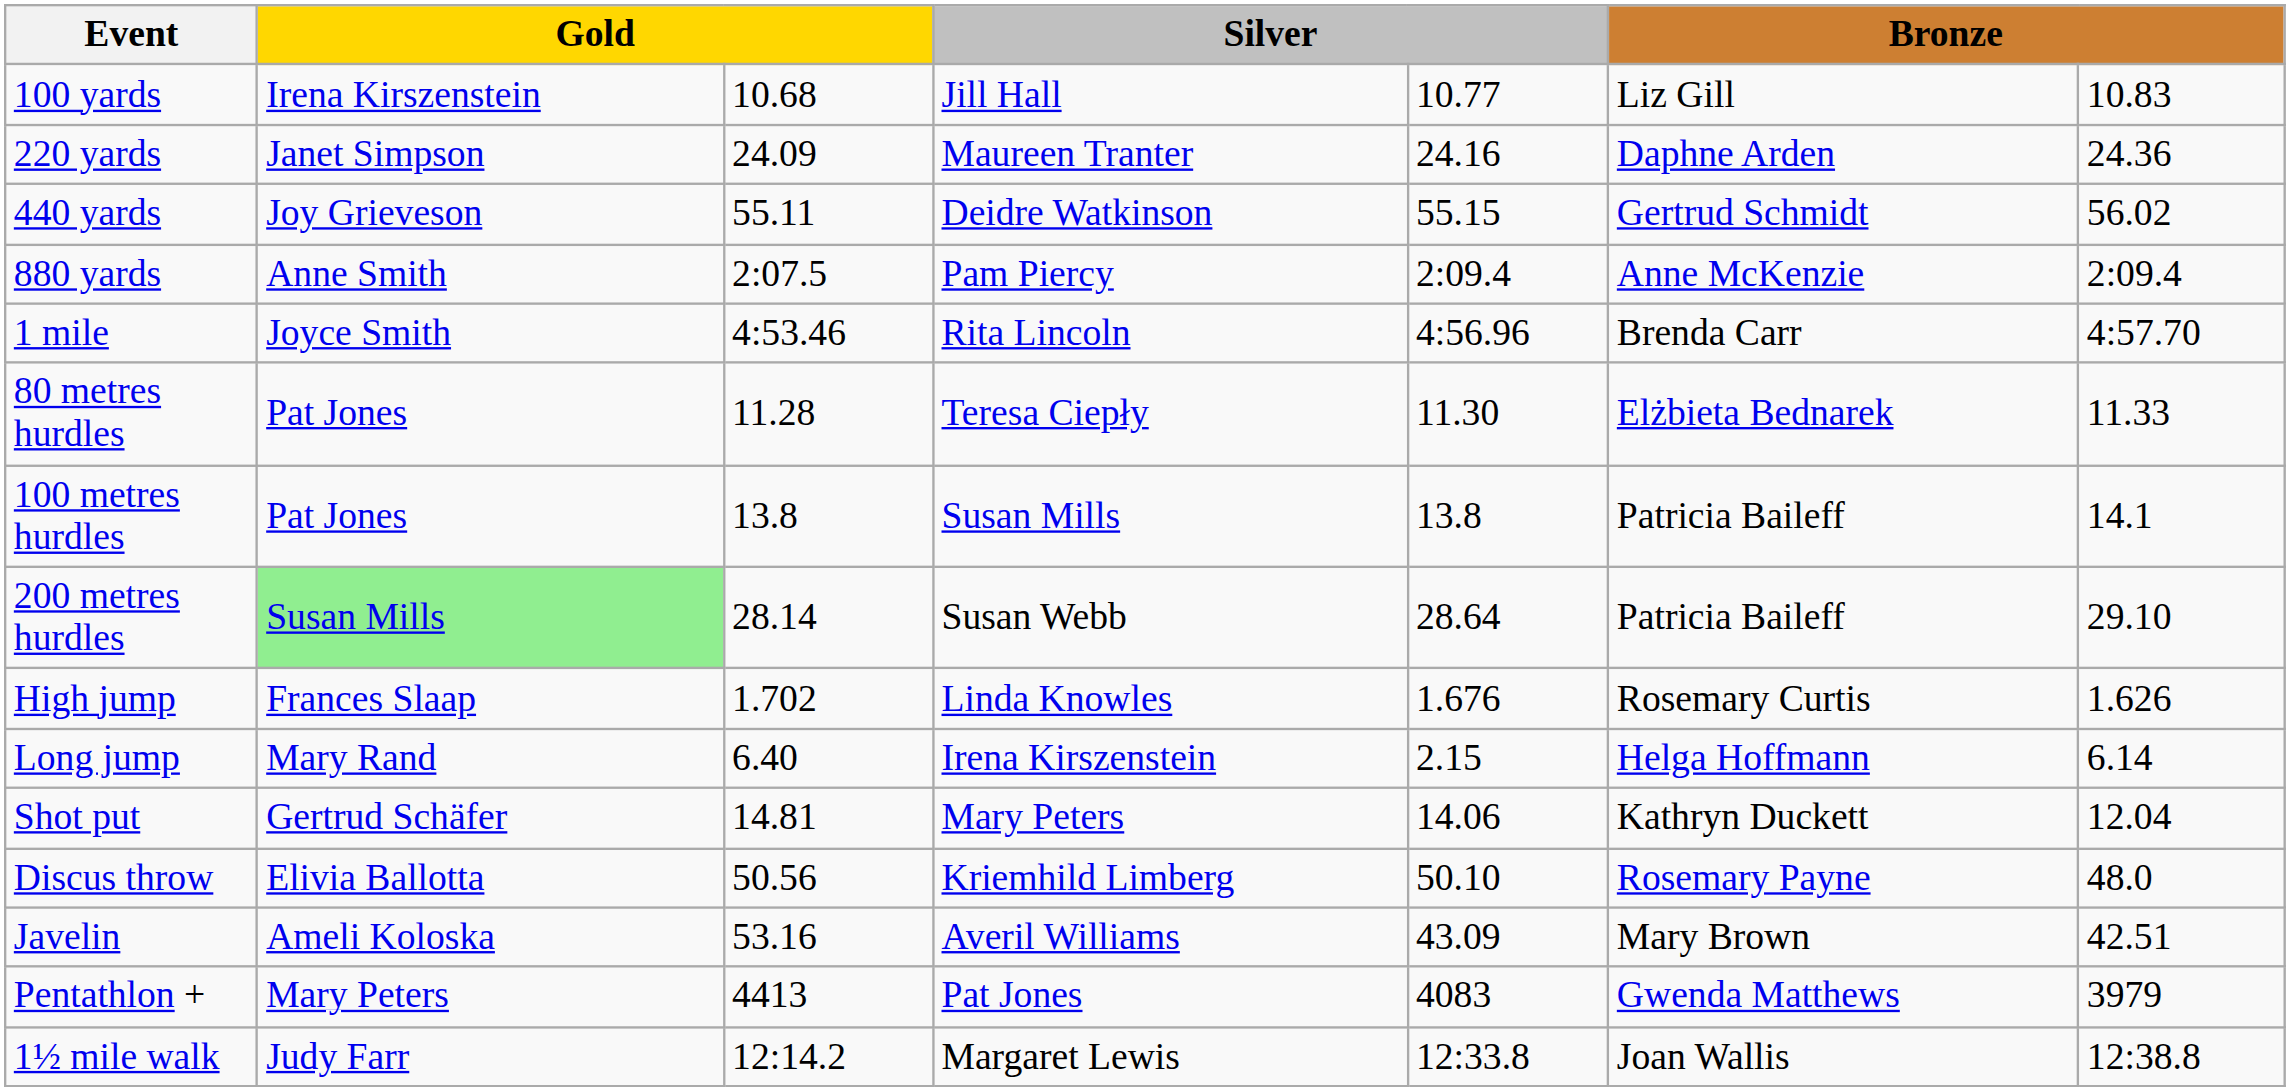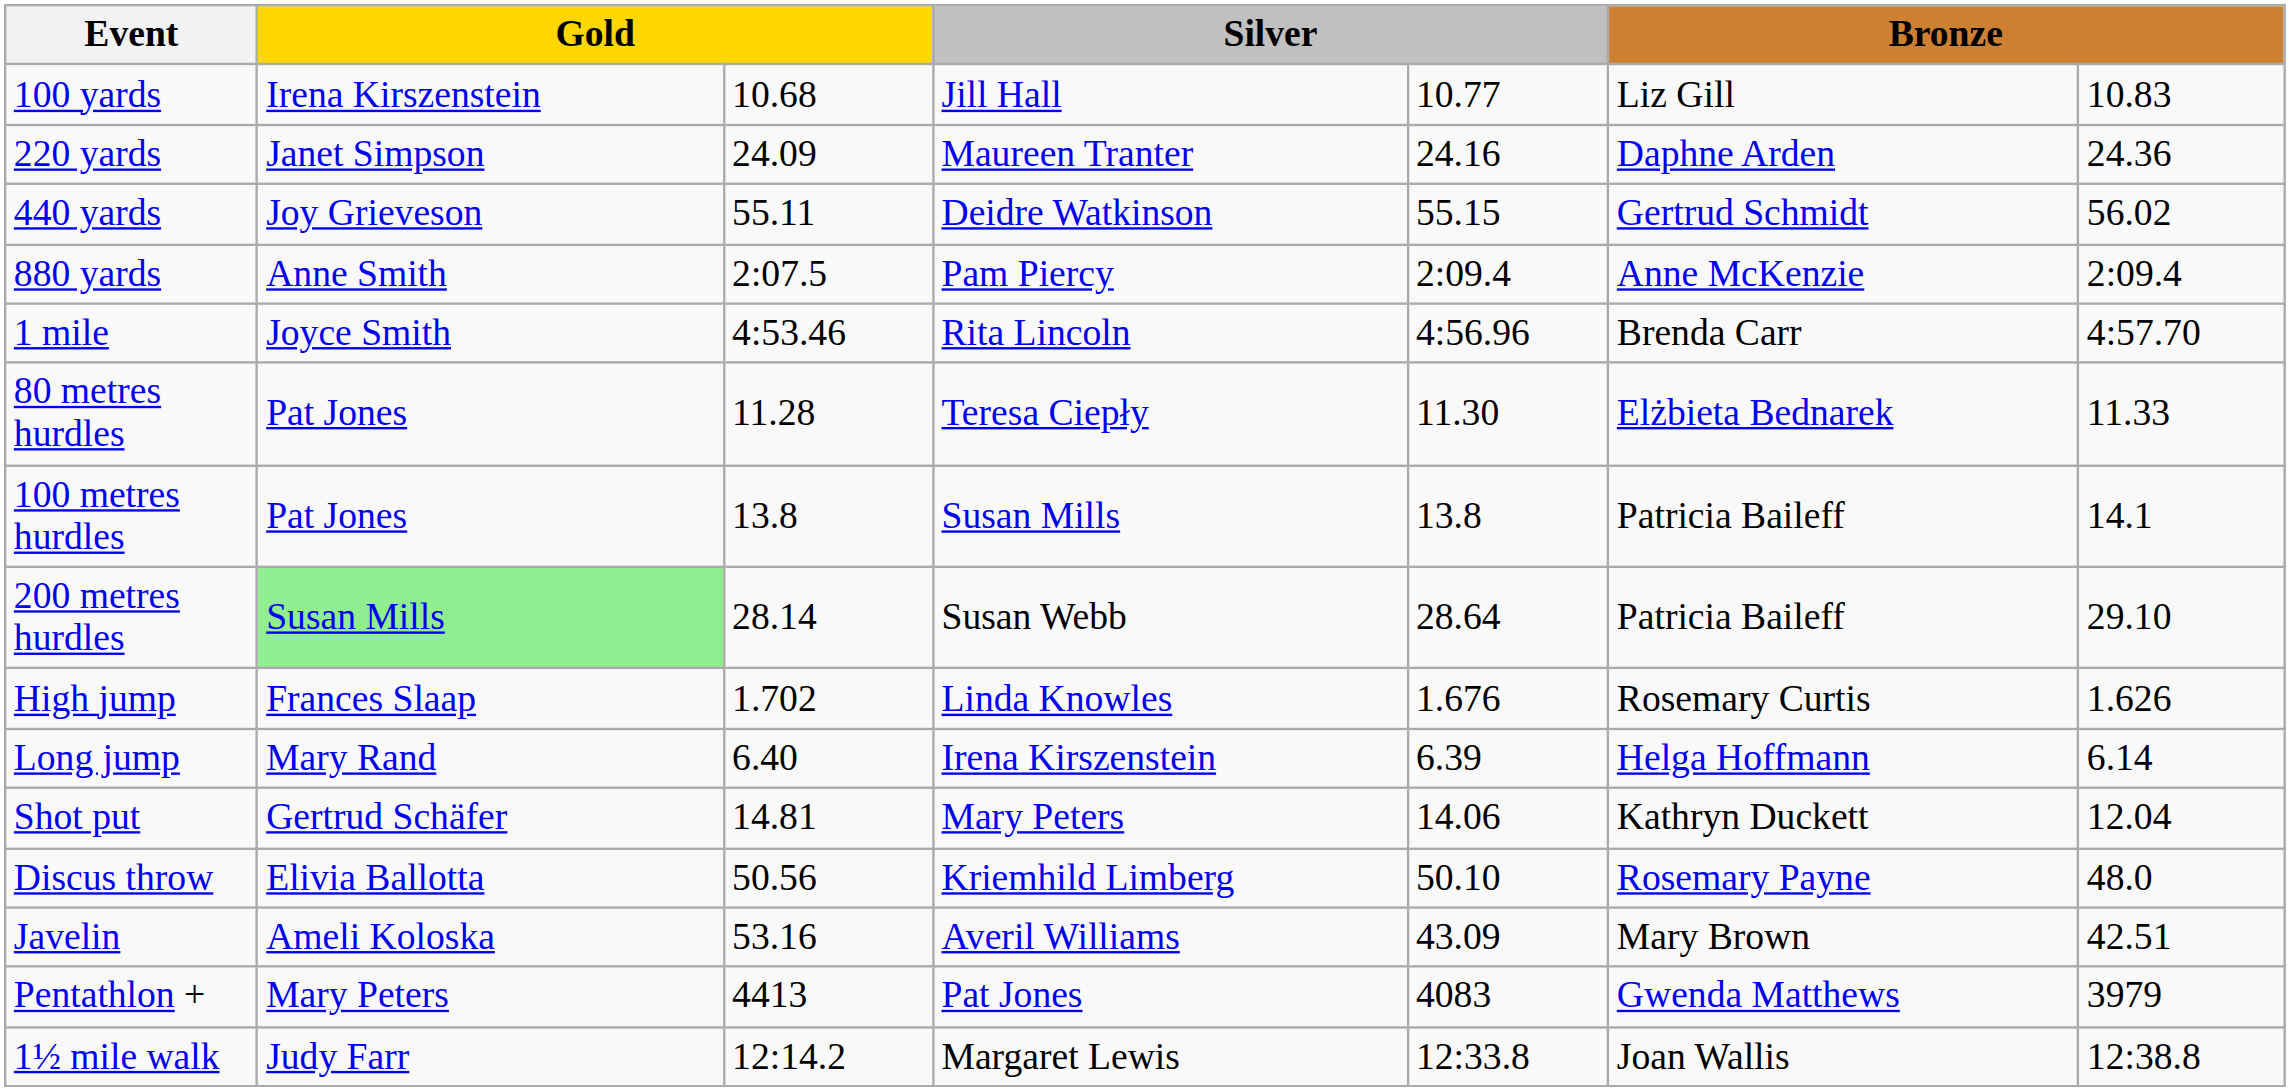 <table class="wikitable" style="text-align:left">
 <tr>
 <th width=100>Event</th>
 <th colspan="2" width="280" style="background:gold;">Gold</th>
 <th colspan="2" width="280" style="background:silver;">Silver</th>
 <th colspan="2" width="280" style="background:#CD7F32;">Bronze</th>
 </tr>
 <tr>
 <td><a href='#'>100 yards</a></td>
 <td> <a href='#'>Irena Kirszenstein</a></td>
 <td>10.68</td>
 <td><a href='#'>Jill Hall</a></td>
 <td>10.77</td>
 <td>Liz Gill</td>
 <td>10.83</td>
 </tr>
 <tr>
 <td><a href='#'>220 yards</a></td>
 <td><a href='#'>Janet Simpson</a></td>
 <td>24.09</td>
 <td><a href='#'>Maureen Tranter</a></td>
 <td>24.16</td>
 <td><a href='#'>Daphne Arden</a></td>
 <td>24.36</td>
 </tr>
 <tr>
 <td><a href='#'>440 yards</a></td>
 <td><a href='#'>Joy Grieveson</a></td>
 <td>55.11</td>
 <td><a href='#'>Deidre Watkinson</a></td>
 <td>55.15</td>
 <td> <a href='#'>Gertrud Schmidt</a></td>
 <td>56.02</td>
 </tr>
 <tr>
 <td><a href='#'>880 yards</a></td>
 <td><a href='#'>Anne Smith</a></td>
 <td>2:07.5</td>
 <td><a href='#'>Pam Piercy</a></td>
 <td>2:09.4</td>
 <td> <a href='#'>Anne McKenzie</a></td>
 <td>2:09.4</td>
 </tr>
 <tr>
 <td><a href='#'>1 mile</a></td>
 <td><a href='#'>Joyce Smith</a></td>
 <td>4:53.46</td>
 <td><a href='#'>Rita Lincoln</a></td>
 <td>4:56.96</td>
 <td> Brenda Carr</td>
 <td>4:57.70</td>
 </tr>
 <tr>
 <td><a href='#'>80 metres hurdles</a></td>
 <td><a href='#'>Pat Jones</a></td>
 <td>11.28</td>
 <td> <a href='#'>Teresa Ciepły</a></td>
 <td>11.30</td>
 <td> <a href='#'>Elżbieta Bednarek</a></td>
 <td>11.33</td>
 </tr>
 <tr>
 <td><a href='#'>100 metres hurdles</a></td>
 <td><a href='#'>Pat Jones</a></td>
 <td>13.8</td>
 <td><a href='#'>Susan Mills</a></td>
 <td>13.8</td>
 <td>Patricia Baileff</td>
 <td>14.1</td>
 </tr>
 <tr>
 <td><a href='#'>200 metres hurdles</a></td>
 <td style="background: lightgreen;"><a href='#'>Susan Mills</a></td>
 <td>28.14</td>
 <td>Susan Webb</td>
 <td>28.64</td>
 <td>Patricia Baileff</td>
 <td>29.10</td>
 </tr>
 <tr>
 <td><a href='#'>High jump</a></td>
 <td><a href='#'>Frances Slaap</a></td>
 <td>1.702</td>
 <td><a href='#'>Linda Knowles</a></td>
 <td>1.676</td>
 <td>Rosemary Curtis</td>
 <td>1.626</td>
 </tr>
 <tr>
 <td><a href='#'>Long jump</a></td>
 <td><a href='#'>Mary Rand</a></td>
 <td>6.40</td>
 <td> <a href='#'>Irena Kirszenstein</a></td>
-<td>2.15</td>
+<td>6.39</td>
 <td> <a href='#'>Helga Hoffmann</a></td>
 <td>6.14</td>
 </tr>
 <tr>
 <td><a href='#'>Shot put</a></td>
 <td> <a href='#'>Gertrud Schäfer</a></td>
 <td>14.81</td>
 <td> <a href='#'>Mary Peters</a></td>
 <td>14.06</td>
 <td>Kathryn Duckett</td>
 <td>12.04</td>
 </tr>
 <tr>
 <td><a href='#'>Discus throw</a></td>
 <td> <a href='#'>Elivia Ballotta</a></td>
 <td>50.56</td>
 <td> <a href='#'>Kriemhild Limberg</a></td>
 <td>50.10</td>
 <td> <a href='#'>Rosemary Payne</a></td>
 <td>48.0</td>
 </tr>
 <tr>
 <td><a href='#'>Javelin</a></td>
 <td> <a href='#'>Ameli Koloska</a></td>
 <td>53.16</td>
 <td><a href='#'>Averil Williams</a></td>
 <td>43.09</td>
 <td>Mary Brown</td>
 <td>42.51</td>
 </tr>
 <tr>
 <td><a href='#'>Pentathlon</a> +</td>
 <td> <a href='#'>Mary Peters</a></td>
 <td>4413</td>
 <td><a href='#'>Pat Jones</a></td>
 <td>4083</td>
 <td><a href='#'>Gwenda Matthews</a></td>
 <td>3979</td>
 </tr>
 <tr>
 <td><a href='#'>1½ mile walk</a></td>
 <td><a href='#'>Judy Farr</a></td>
 <td>12:14.2</td>
 <td>Margaret Lewis</td>
 <td>12:33.8</td>
 <td>Joan Wallis</td>
 <td>12:38.8</td>
 </tr>
 </table>
